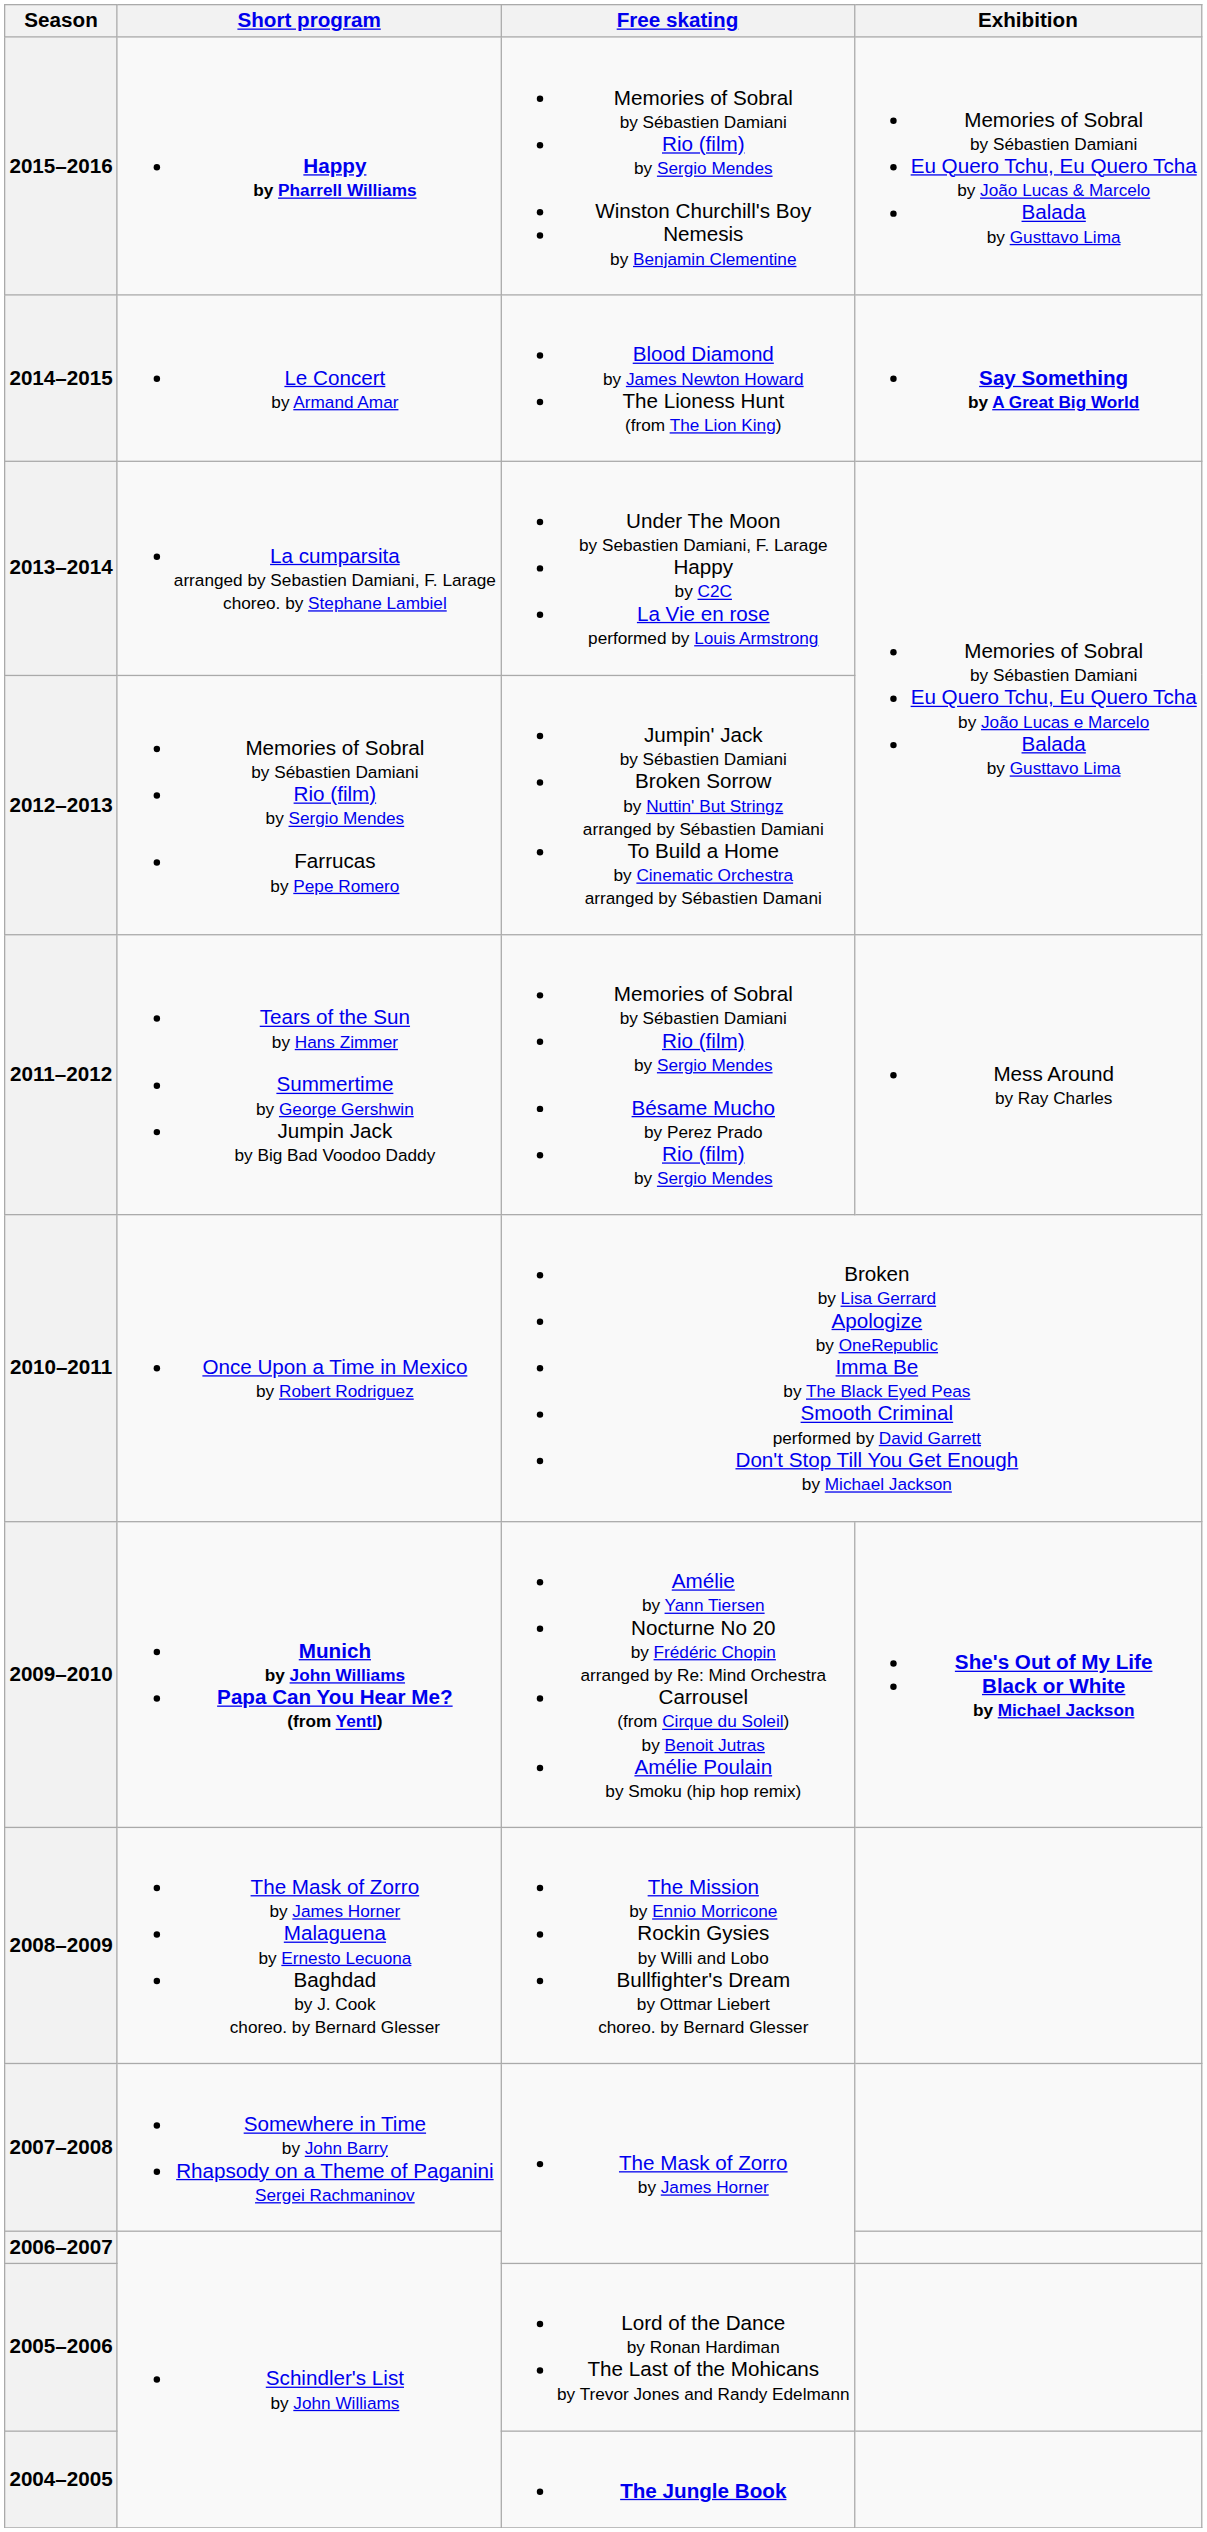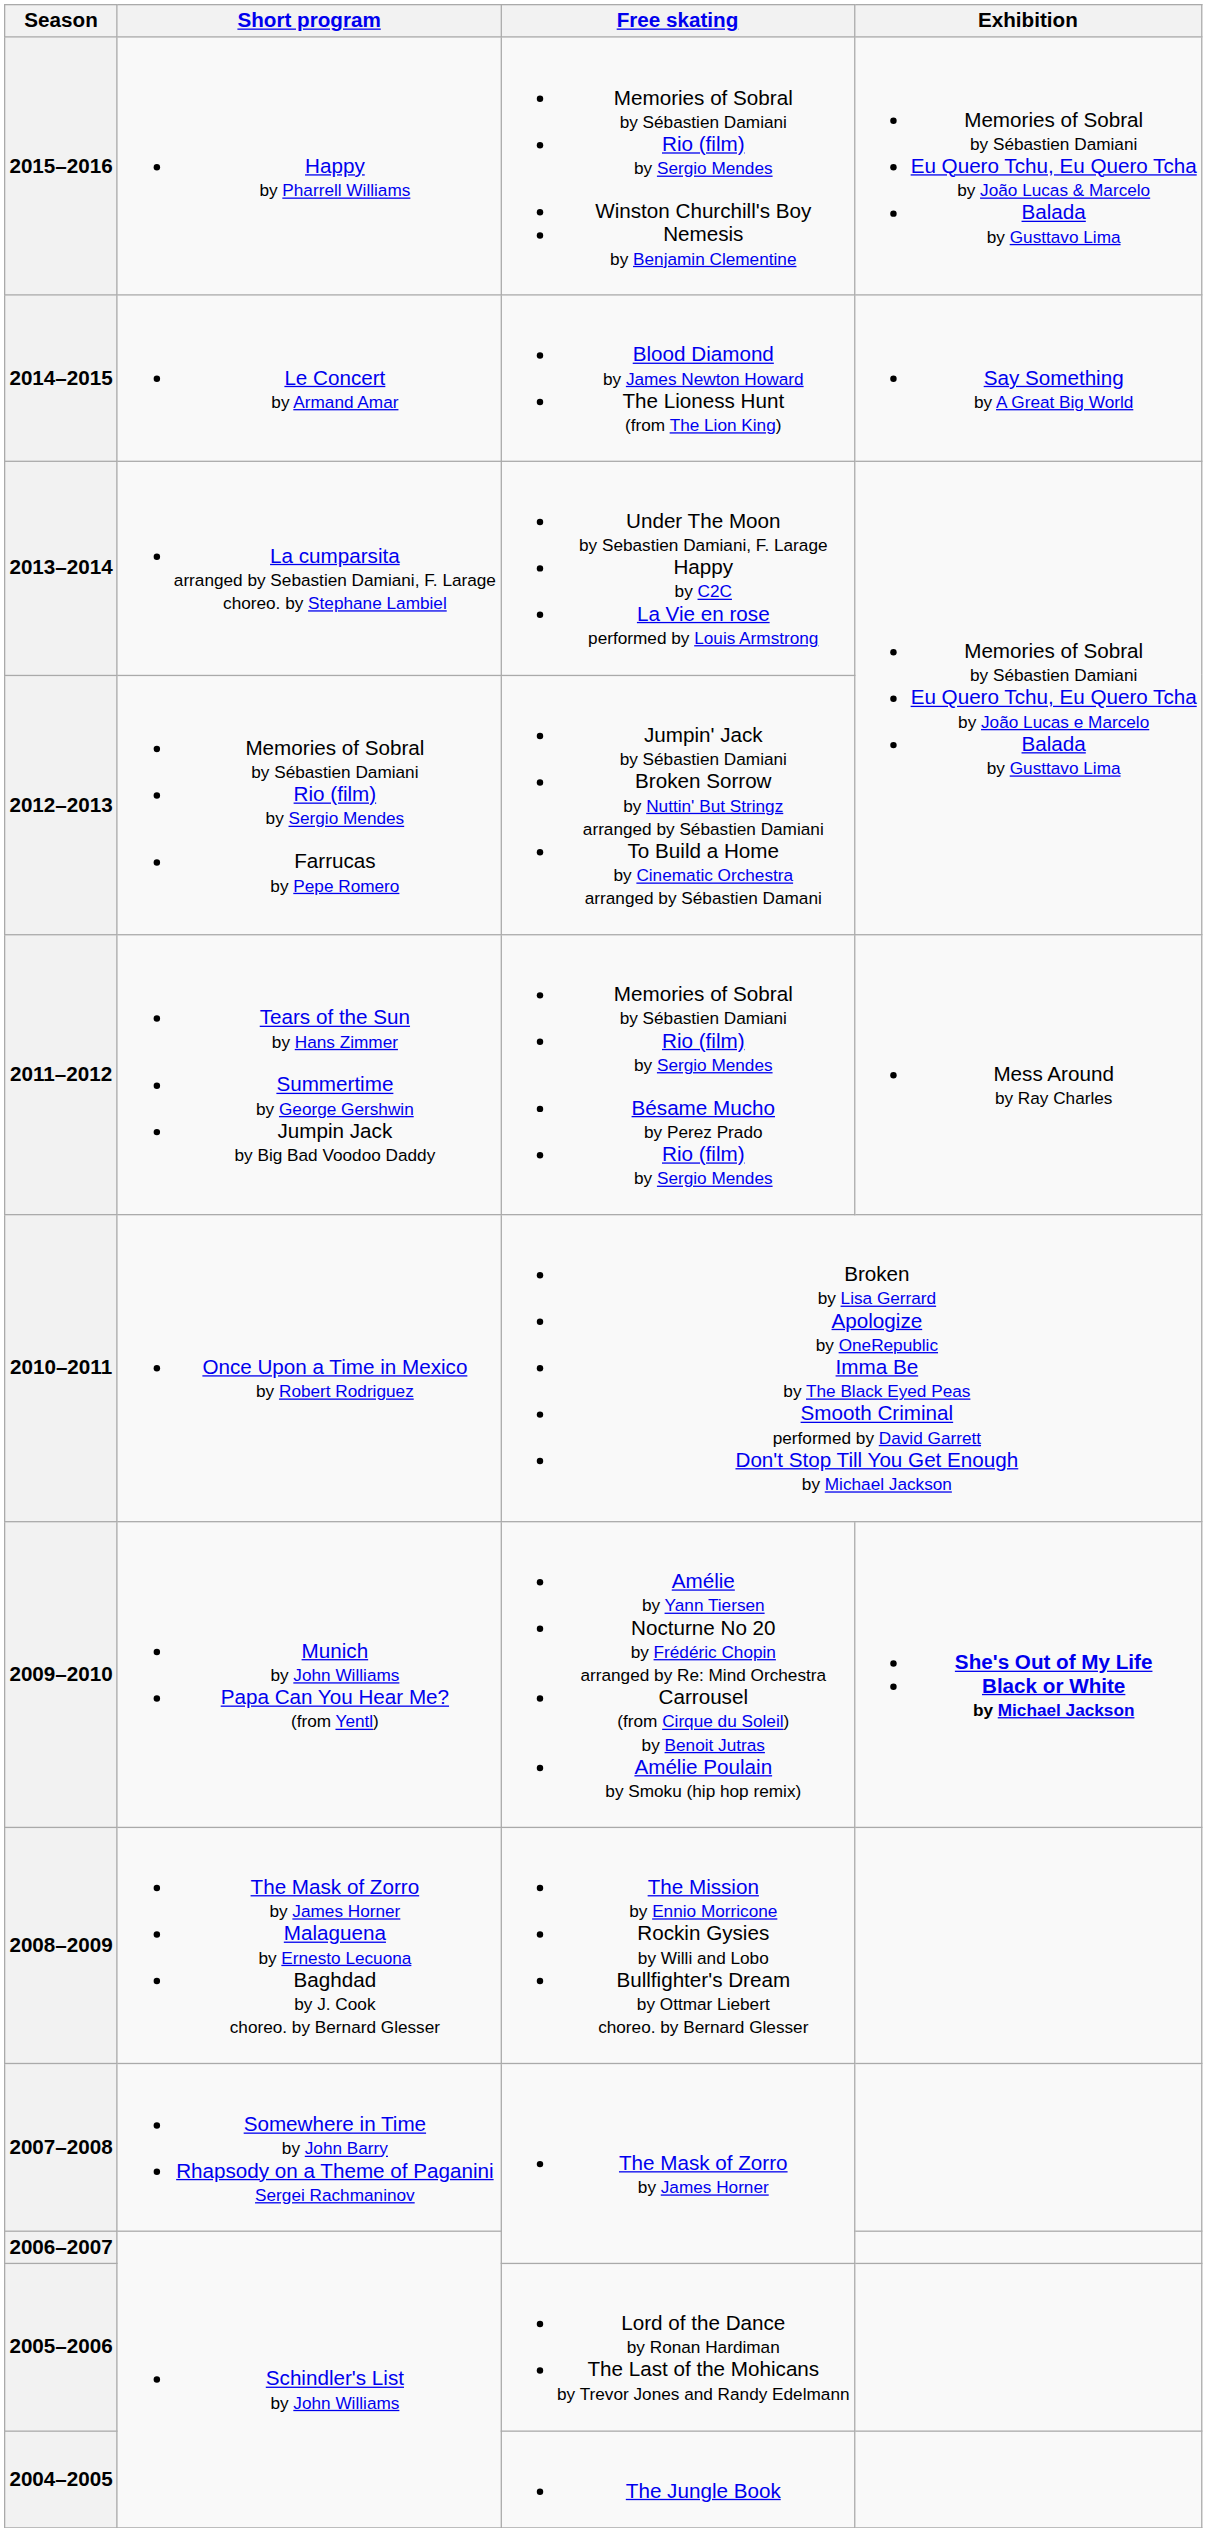 <table class=wikitable style=text-align:center>
 <tr>
 <th>Season</th>
 <th><a href='#'>Short program</a></th>
 <th><a href='#'>Free skating</a></th>
 <th>Exhibition</th>
 </tr>
 <tr>
 <th>2015–2016 <br> </th>
-<td><strong><br><ul><li><a href='#'>Happy</a> <br><small> by <a href='#'>Pharrell Williams</a> </small></li></ul></strong></td>
+<td><br><ul><li><a href='#'>Happy</a> <br><small> by <a href='#'>Pharrell Williams</a> </small></li></ul></td>
 <td><br><ul><li>Memories of Sobral <br><small> by Sébastien Damiani </small></li><li><a href='#'>Rio (film)</a> <br><small> by <a href='#'>Sergio Mendes</a> </small></li></ul><ul><li>Winston Churchill's Boy</li><li>Nemesis <br><small> by <a href='#'>Benjamin Clementine</a> </small></li></ul></td>
 <td><br><ul><li>Memories of Sobral <br><small> by Sébastien Damiani </small></li><li><a href='#'>Eu Quero Tchu, Eu Quero Tcha</a> <br><small> by <a href='#'>João Lucas & Marcelo</a> </small></li><li><a href='#'>Balada</a> <br><small> by <a href='#'>Gusttavo Lima</a> </small></li></ul></td>
 </tr>
 <tr>
 <th>2014–2015 <br> </th>
 <td><br><ul><li><a href='#'>Le Concert</a> <br><small> by <a href='#'>Armand Amar</a> </small></li></ul></td>
 <td><br><ul><li><a href='#'>Blood Diamond</a> <br><small> by <a href='#'>James Newton Howard</a> </small></li><li>The Lioness Hunt <br><small> (from <a href='#'>The Lion King</a>) </small></li></ul></td>
-<td><strong><br><ul><li><a href='#'>Say Something</a> <br><small> by <a href='#'>A Great Big World</a></small></li></ul></strong></td>
+<td><br><ul><li><a href='#'>Say Something</a> <br><small> by <a href='#'>A Great Big World</a></small></li></ul></td>
 </tr>
 <tr>
 <th>2013–2014 <br> </th>
 <td><br><ul><li><a href='#'>La cumparsita</a> <br><small> arranged by Sebastien Damiani, F. Larage <br> choreo. by <a href='#'>Stephane Lambiel</a> </small></li></ul></td>
 <td><br><ul><li>Under The Moon <br><small> by Sebastien Damiani, F. Larage </small></li><li>Happy <br><small> by <a href='#'>C2C</a> </small></li><li><a href='#'>La Vie en rose</a> <br><small> performed by <a href='#'>Louis Armstrong</a> </small></li></ul></td>
 <td rowspan="2"><br><ul><li>Memories of Sobral <br><small> by Sébastien Damiani </small></li><li><a href='#'>Eu Quero Tchu, Eu Quero Tcha</a> <br><small> by <a href='#'>João Lucas e Marcelo</a></small></li><li><a href='#'>Balada</a> <br><small> by <a href='#'>Gusttavo Lima</a> </small></li></ul></td>
 </tr>
 <tr>
 <th>2012–2013 <br> </th>
 <td><br><ul><li>Memories of Sobral <br><small> by Sébastien Damiani </small></li><li><a href='#'>Rio (film)</a> <br><small> by <a href='#'>Sergio Mendes</a> </small></li></ul><ul><li>Farrucas <br><small> by <a href='#'>Pepe Romero</a> </small></li></ul></td>
 <td><br><ul><li>Jumpin' Jack <br><small> by Sébastien Damiani </small></li><li>Broken Sorrow <br><small> by <a href='#'>Nuttin' But Stringz</a> <br> arranged by Sébastien Damiani </small></li><li>To Build a Home <br><small> by <a href='#'>Cinematic Orchestra</a> <br> arranged by Sébastien Damani </small></li></ul></td>
 </tr>
 <tr>
 <th>2011–2012 <br> </th>
 <td><br><ul><li><a href='#'>Tears of the Sun</a> <br><small> by <a href='#'>Hans Zimmer</a> </small></li></ul><ul><li><a href='#'>Summertime</a> <br><small> by <a href='#'>George Gershwin</a> </small></li><li>Jumpin Jack <br><small> by Big Bad Voodoo Daddy </small></li></ul></td>
 <td><br><ul><li>Memories of Sobral <br><small> by Sébastien Damiani </small></li><li><a href='#'>Rio (film)</a> <br><small> by <a href='#'>Sergio Mendes</a> </small></li></ul><ul><li><a href='#'>Bésame Mucho</a> <br><small> by Perez Prado </small></li><li><a href='#'>Rio (film)</a> <br><small> by <a href='#'>Sergio Mendes</a> </small></li></ul></td>
 <td><br><ul><li>Mess Around <br> <small> by Ray Charles </small></li></ul></td>
 </tr>
 <tr>
 <th>2010–2011 <br> </th>
 <td><br><ul><li><a href='#'>Once Upon a Time in Mexico</a> <br><small> by <a href='#'>Robert Rodriguez</a> </small></li></ul></td>
 <td colspan="2"><br><ul><li>Broken <br><small> by <a href='#'>Lisa Gerrard</a> </small></li><li><a href='#'>Apologize</a> <br><small> by <a href='#'>OneRepublic</a> </small></li><li><a href='#'>Imma Be</a> <br><small> by <a href='#'>The Black Eyed Peas</a> </small></li><li><a href='#'>Smooth Criminal</a> <br><small> performed by <a href='#'>David Garrett</a> </small></li><li><a href='#'>Don't Stop Till You Get Enough</a> <br><small> by <a href='#'>Michael Jackson</a> </small></li></ul></td>
 </tr>
 <tr>
 <th>2009–2010 <br> </th>
-<td><strong><br><ul><li><a href='#'>Munich</a> <br><small> by <a href='#'>John Williams</a> </small></li><li><a href='#'>Papa Can You Hear Me?</a> <br><small> (from <a href='#'>Yentl</a>) </small></li></ul></strong></td>
+<td><br><ul><li><a href='#'>Munich</a> <br><small> by <a href='#'>John Williams</a> </small></li><li><a href='#'>Papa Can You Hear Me?</a> <br><small> (from <a href='#'>Yentl</a>) </small></li></ul></td>
 <td><br><ul><li><a href='#'>Amélie</a> <br><small> by <a href='#'>Yann Tiersen</a> </small></li><li>Nocturne No 20 <br><small> by <a href='#'>Frédéric Chopin</a> <br> arranged by Re: Mind Orchestra </small></li><li>Carrousel <br><small> (from <a href='#'>Cirque du Soleil</a>) <br> by <a href='#'>Benoit Jutras</a> </small></li><li><a href='#'>Amélie Poulain</a><br><small> by Smoku (hip hop remix) </small></li></ul></td>
 <td><strong><br><ul><li><a href='#'>She's Out of My Life</a></li><li><a href='#'>Black or White</a> <br><small> by <a href='#'>Michael Jackson</a> </small></li></ul></strong></td>
 </tr>
 <tr>
 <th>2008–2009 <br> </th>
 <td><br><ul><li><a href='#'>The Mask of Zorro</a> <br><small> by <a href='#'>James Horner</a> </small></li><li><a href='#'>Malaguena</a> <br><small> by <a href='#'>Ernesto Lecuona</a> </small></li><li>Baghdad <br><small> by J. Cook <br> choreo. by Bernard Glesser </small></li></ul></td>
 <td><br><ul><li><a href='#'>The Mission</a> <br><small> by <a href='#'>Ennio Morricone</a> </small></li><li>Rockin Gysies <br><small> by Willi and Lobo </small></li><li>Bullfighter's Dream <br><small>by Ottmar Liebert <br> choreo. by Bernard Glesser </small></li></ul></td>
 <td></td>
 </tr>
 <tr>
 <th>2007–2008 <br> </th>
 <td><br><ul><li><a href='#'>Somewhere in Time</a> <br><small> by <a href='#'>John Barry</a> </small></li><li><a href='#'>Rhapsody on a Theme of Paganini</a> <br><small> <a href='#'>Sergei Rachmaninov</a> </small></li></ul></td>
 <td rowspan="2"><br><ul><li><a href='#'>The Mask of Zorro</a> <br><small> by <a href='#'>James Horner</a> </small></li></ul></td>
 <td></td>
 </tr>
 <tr>
 <th>2006–2007 <br> </th>
 <td rowspan="3"><br><ul><li><a href='#'>Schindler's List</a> <br><small> by <a href='#'>John Williams</a> </small></li></ul></td>
 <td></td>
 </tr>
 <tr>
 <th>2005–2006 <br> </th>
 <td><br><ul><li>Lord of the Dance <br><small> by Ronan Hardiman </small></li><li>The Last of the Mohicans <br><small> by Trevor Jones and Randy Edelmann </small></li></ul></td>
 <td></td>
 </tr>
 <tr>
 <th>2004–2005</th>
-<td><strong><br><ul><li><a href='#'>The Jungle Book</a></li></ul></strong></td>
+<td><br><ul><li><a href='#'>The Jungle Book</a></li></ul></td>
 <td></td>
 </tr>
 </table>
